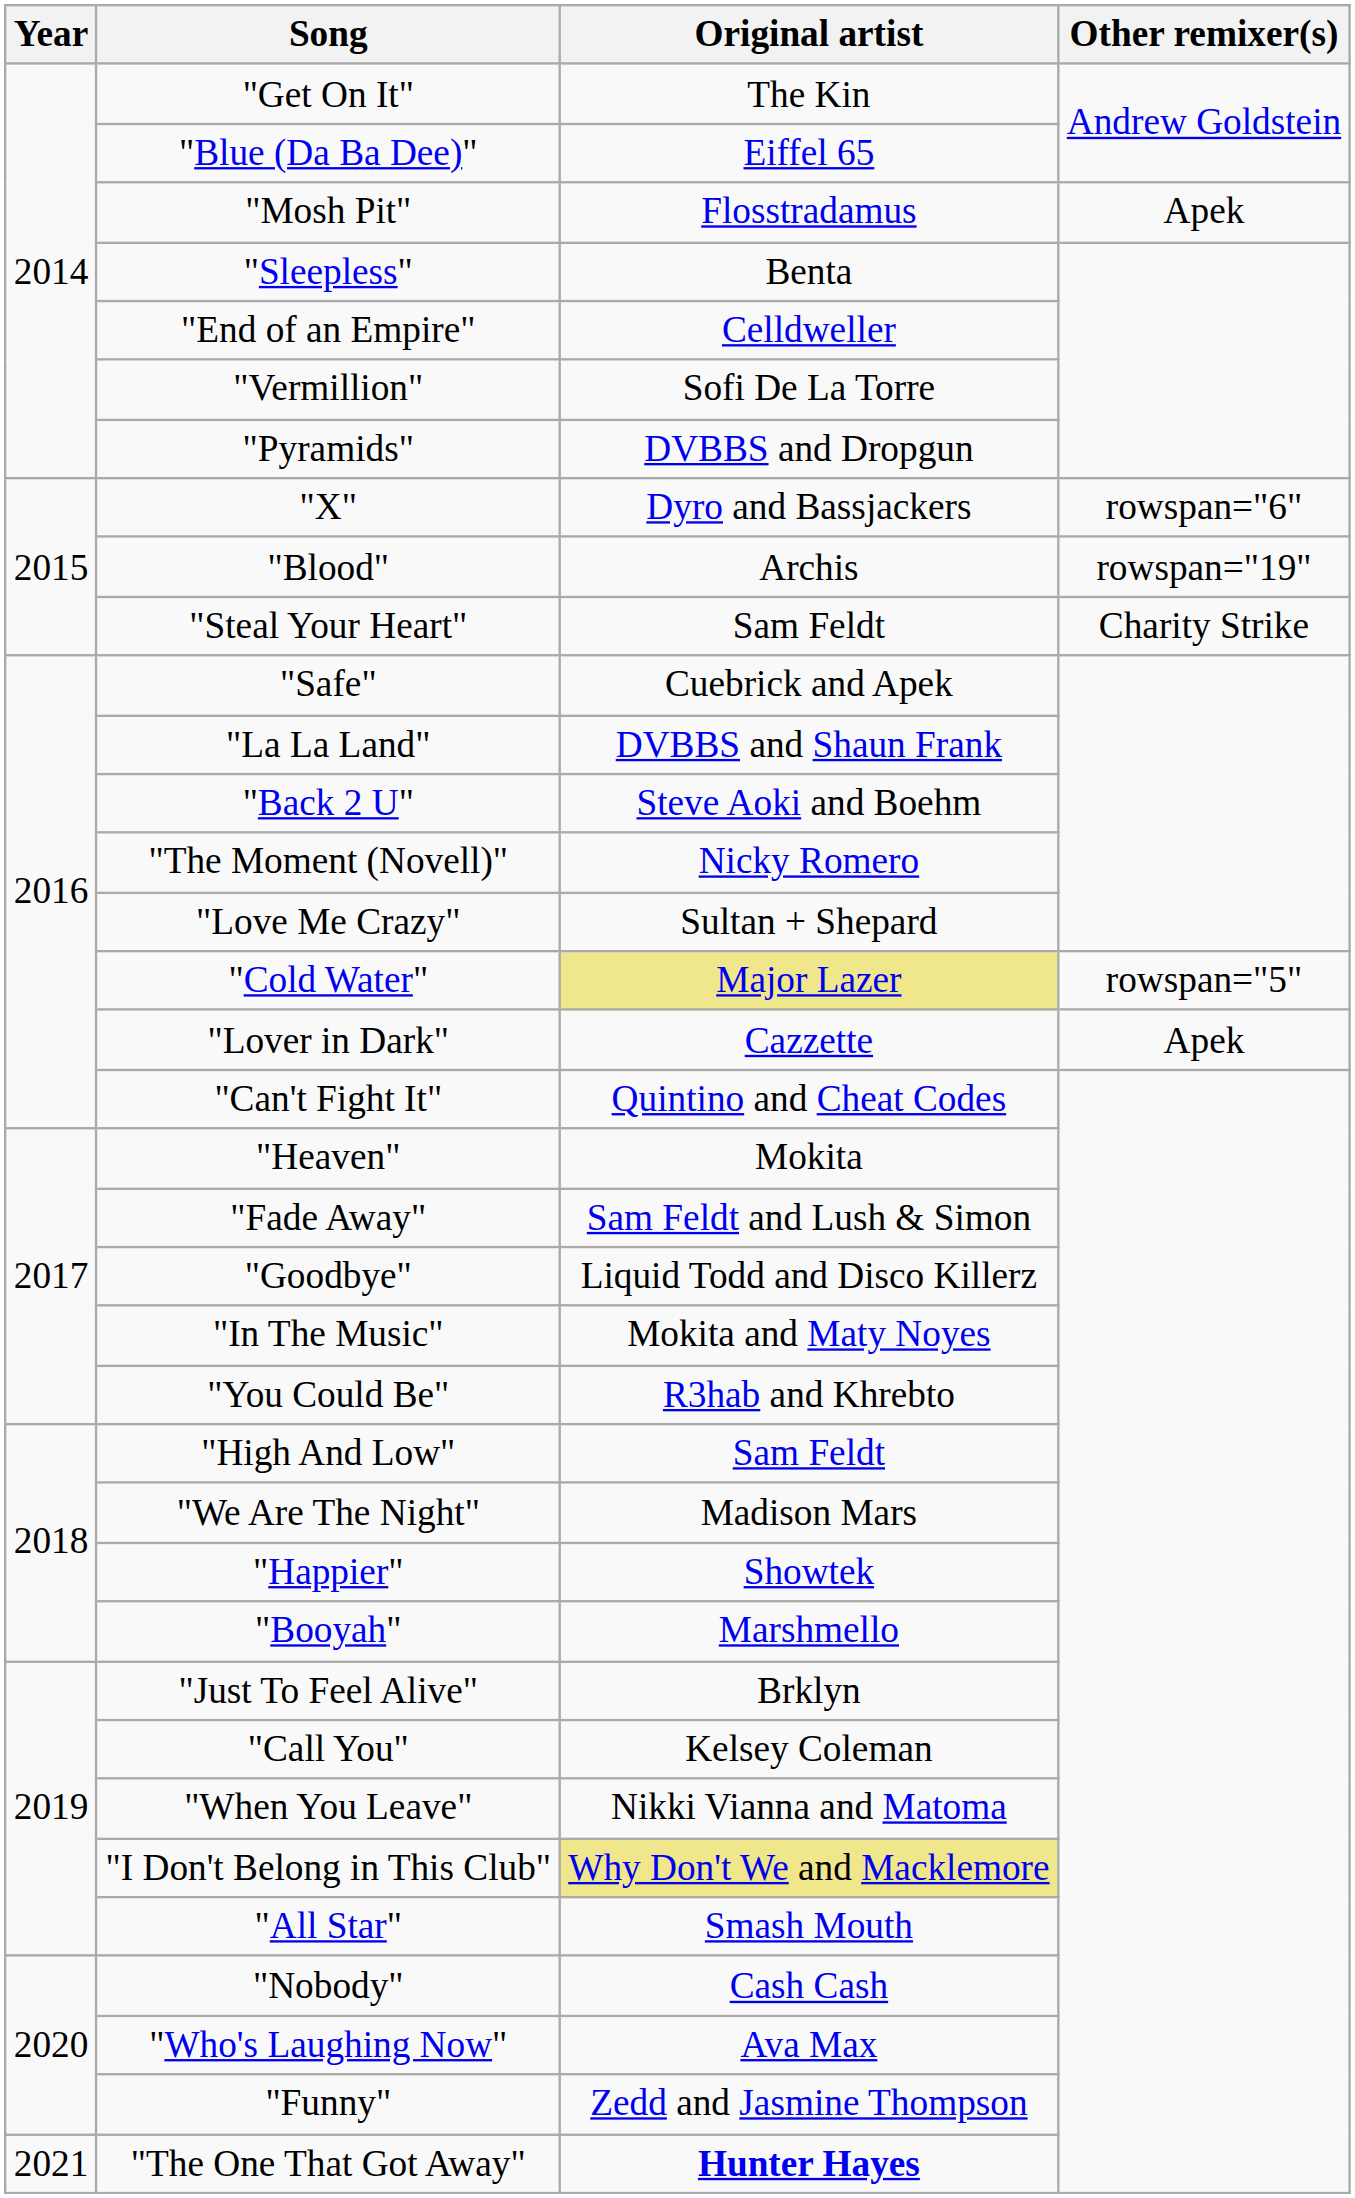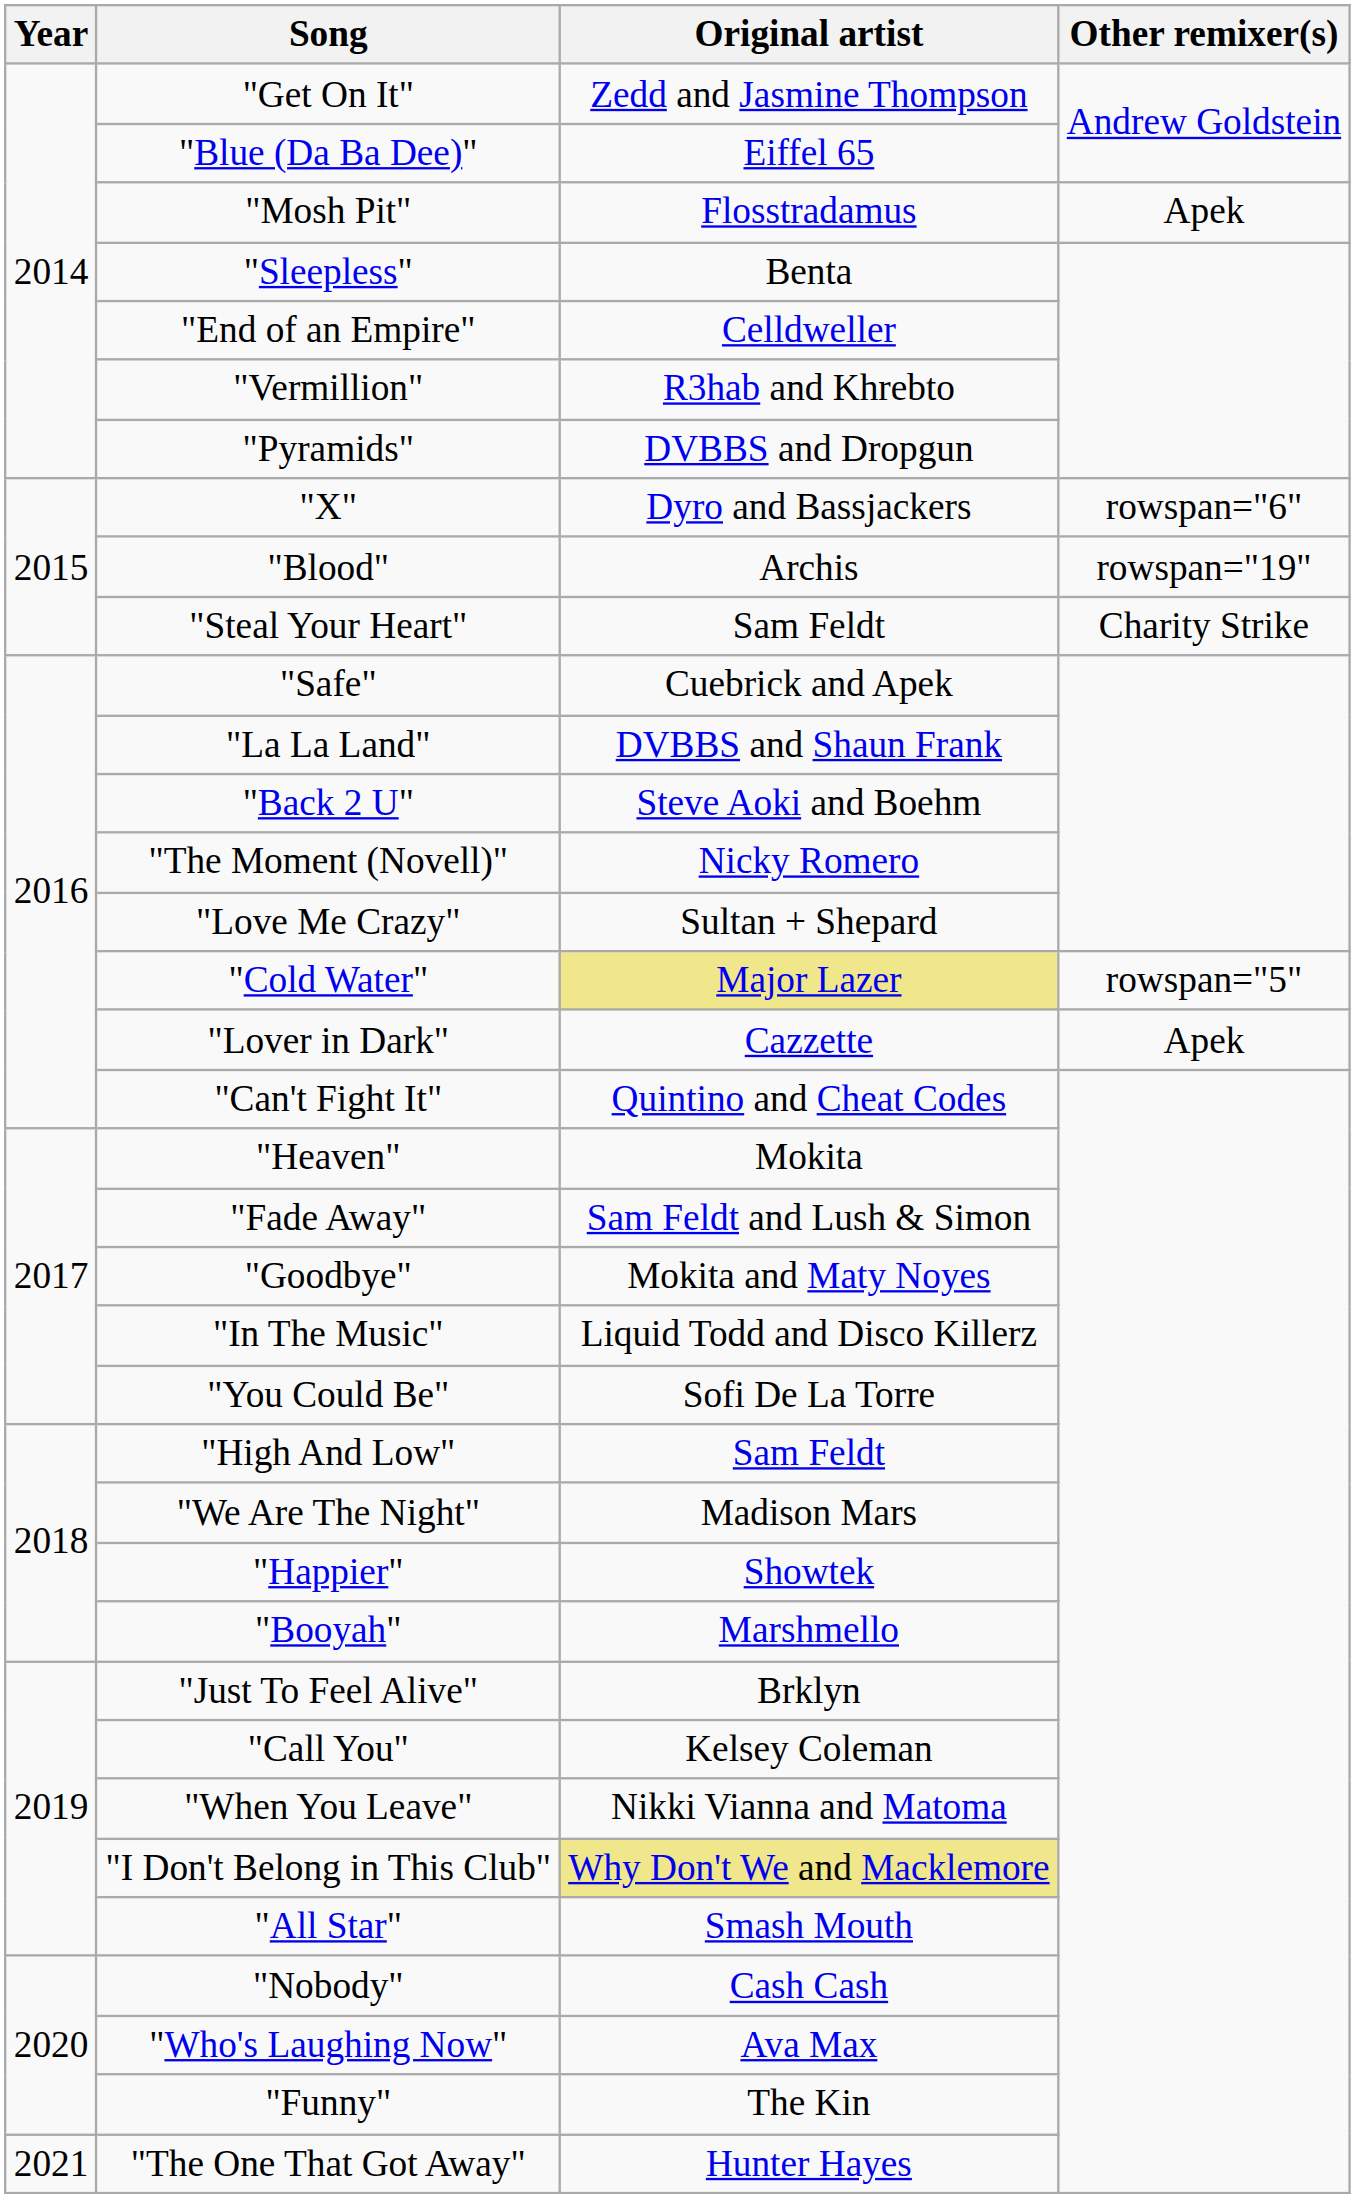 <table class="wikitable plainrowheaders" style="text-align:center;">
 <tr>
 <th>Year</th>
 <th>Song</th>
 <th>Original artist</th>
 <th>Other remixer(s)</th>
 </tr>
 <tr>
 <td rowspan="7">2014</td>
 <td>"Get On It"</td>
-<td>The Kin</td>
+<td><a href='#'>Zedd</a> and <a href='#'>Jasmine Thompson</a></td>
 <td rowspan="2"><a href='#'>Andrew Goldstein</a></td>
 </tr>
 <tr>
 <td>"<a href='#'>Blue (Da Ba Dee)</a>"</td>
 <td><a href='#'>Eiffel 65</a></td>
 </tr>
 <tr>
 <td>"Mosh Pit"</td>
 <td><a href='#'>Flosstradamus</a> <br></td>
 <td>Apek</td>
 </tr>
 <tr>
 <td>"<a href='#'>Sleepless</a>"</td>
 <td>Benta</td>
 </tr>
 <tr>
 <td>"End of an Empire"</td>
 <td><a href='#'>Celldweller</a></td>
 </tr>
 <tr>
 <td>"Vermillion"</td>
-<td>Sofi De La Torre</td>
+<td><a href='#'>R3hab</a> and Khrebto</td>
 </tr>
 <tr>
 <td>"Pyramids"</td>
 <td><a href='#'>DVBBS</a> and Dropgun <br></td>
 </tr>
 <tr>
 <td rowspan="3">2015</td>
 <td>"X"</td>
 <td><a href='#'>Dyro</a> and Bassjackers</td>
 <td>rowspan="6" </td>
 </tr>
 <tr>
 <td>"Blood"</td>
 <td>Archis</td>
 <td>rowspan="19" </td>
 </tr>
 <tr>
 <td>"Steal Your Heart"</td>
 <td>Sam Feldt <br></td>
 <td>Charity Strike</td>
 </tr>
 <tr>
 <td rowspan="8">2016</td>
 <td>"Safe"</td>
 <td>Cuebrick and Apek <br></td>
 </tr>
 <tr>
 <td>"La La Land"</td>
 <td><a href='#'>DVBBS</a> and <a href='#'>Shaun Frank</a> <br></td>
 </tr>
 <tr>
 <td>"<a href='#'>Back 2 U</a>"</td>
 <td><a href='#'>Steve Aoki</a> and Boehm <br></td>
 </tr>
 <tr>
 <td>"The Moment (Novell)"</td>
 <td><a href='#'>Nicky Romero</a></td>
 </tr>
 <tr>
 <td>"Love Me Crazy"</td>
 <td>Sultan + Shepard <br></td>
 </tr>
 <tr>
 <td>"<a href='#'>Cold Water</a>"</td>
 <td style="background: khaki;"><a href='#'>Major Lazer</a> <br></td>
 <td>rowspan="5" </td>
 </tr>
 <tr>
 <td>"Lover in Dark"</td>
 <td><a href='#'>Cazzette</a></td>
 <td>Apek</td>
 </tr>
 <tr>
 <td>"Can't Fight It"</td>
 <td><a href='#'>Quintino</a> and <a href='#'>Cheat Codes</a></td>
 </tr>
 <tr>
 <td rowspan=5>2017</td>
 <td>"Heaven"</td>
 <td>Mokita</td>
 </tr>
 <tr>
 <td>"Fade Away"</td>
 <td><a href='#'>Sam Feldt</a> and Lush & Simon <br></td>
 </tr>
 <tr>
 <td>"Goodbye"</td>
+<td>Mokita and <a href='#'>Maty Noyes</a></td>
+</tr>
+<tr>
+<td>"In The Music"</td>
 <td>Liquid Todd and Disco Killerz <br></td>
 </tr>
 <tr>
-<td>"In The Music"</td>
-<td>Mokita and <a href='#'>Maty Noyes</a></td>
-</tr>
-<tr>
 <td>"You Could Be"</td>
-<td><a href='#'>R3hab</a> and Khrebto</td>
+<td>Sofi De La Torre</td>
 </tr>
 <tr>
 <td rowspan="4">2018</td>
 <td>"High And Low"</td>
 <td><a href='#'>Sam Feldt</a> <br></td>
 </tr>
 <tr>
 <td>"We Are The Night"</td>
 <td>Madison Mars <br></td>
 </tr>
 <tr>
 <td>"<a href='#'>Happier</a>"</td>
 <td><a href='#'>Showtek</a> <br> </td>
 </tr>
 <tr>
 <td>"<a href='#'>Booyah</a>"</td>
 <td><a href='#'>Marshmello</a> <br></td>
 </tr>
 <tr>
 <td rowspan="5">2019</td>
 <td>"Just To Feel Alive"</td>
 <td>Brklyn<br></td>
 </tr>
 <tr>
 <td>"Call You"</td>
 <td>Kelsey Coleman</td>
 </tr>
 <tr>
 <td>"When You Leave"</td>
 <td>Nikki Vianna and <a href='#'>Matoma</a></td>
 </tr>
 <tr>
 <td>"I Don't Belong in This Club"</td>
 <td style="background: khaki;"><a href='#'>Why Don't We</a> and <a href='#'>Macklemore</a></td>
 </tr>
 <tr>
 <td>"<a href='#'>All Star</a>"</td>
 <td><a href='#'>Smash Mouth</a></td>
 </tr>
 <tr>
 <td rowspan="3">2020</td>
 <td>"Nobody"</td>
 <td><a href='#'>Cash Cash</a> <br></td>
 </tr>
 <tr>
 <td>"<a href='#'>Who's Laughing Now</a>"</td>
 <td><a href='#'>Ava Max</a></td>
 </tr>
 <tr>
 <td>"Funny"</td>
-<td><a href='#'>Zedd</a> and <a href='#'>Jasmine Thompson</a></td>
+<td>The Kin</td>
 </tr>
 <tr>
 <td>2021</td>
 <td>"The One That Got Away"</td>
-<td><strong><a href='#'>Hunter Hayes</a></strong></td>
+<td><a href='#'>Hunter Hayes</a></td>
 </tr>
 </table>
